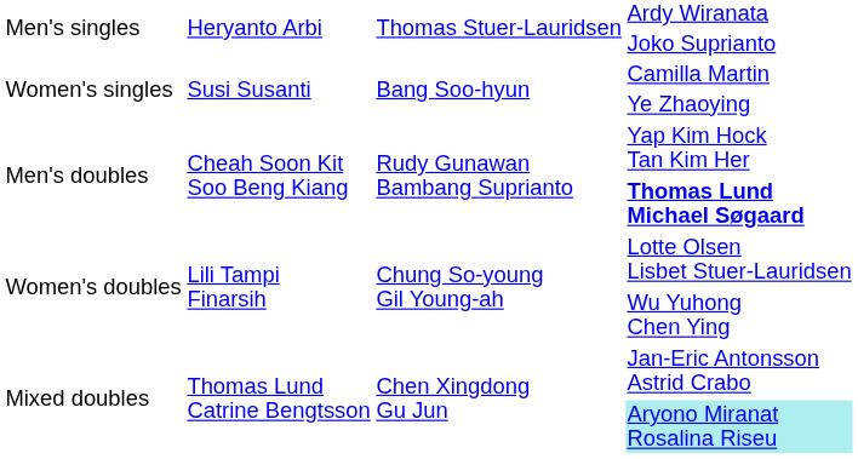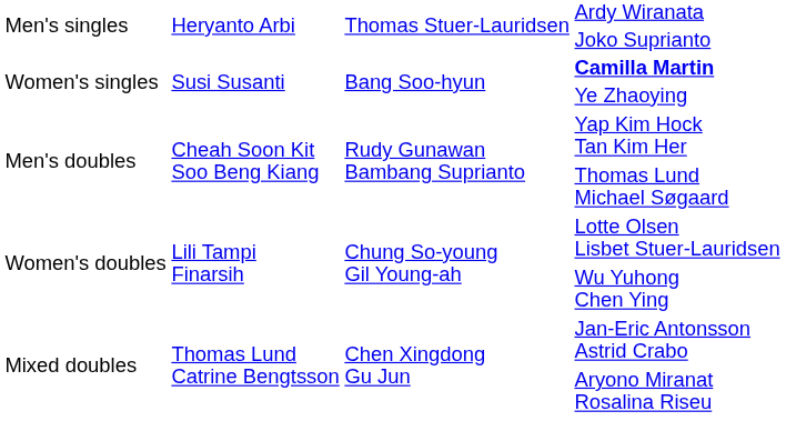 <table>
 <tr>
 <td rowspan=2>Men's singles</td>
 <td rowspan=2> <a href='#'>Heryanto Arbi</a></td>
 <td rowspan=2> <a href='#'>Thomas Stuer-Lauridsen</a></td>
 <td> <a href='#'>Ardy Wiranata</a></td>
 </tr>
 <tr>
 <td> <a href='#'>Joko Suprianto</a></td>
 </tr>
 <tr>
 <td rowspan=2>Women's singles</td>
 <td rowspan=2> <a href='#'>Susi Susanti</a></td>
 <td rowspan=2> <a href='#'>Bang Soo-hyun</a></td>
-<td> <a href='#'>Camilla Martin</a></td>
+<td><strong> <a href='#'>Camilla Martin</a></strong></td>
 </tr>
 <tr>
 <td> <a href='#'>Ye Zhaoying</a></td>
 </tr>
 <tr>
 <td rowspan=2>Men's doubles</td>
 <td rowspan=2> <a href='#'>Cheah Soon Kit</a> <br>  <a href='#'>Soo Beng Kiang</a></td>
 <td rowspan=2> <a href='#'>Rudy Gunawan</a> <br>  <a href='#'>Bambang Suprianto</a></td>
 <td> <a href='#'>Yap Kim Hock</a> <br>  <a href='#'>Tan Kim Her</a></td>
 </tr>
 <tr>
-<td><strong> <a href='#'>Thomas Lund</a> <br>  <a href='#'>Michael Søgaard</a></strong></td>
+<td> <a href='#'>Thomas Lund</a> <br>  <a href='#'>Michael Søgaard</a></td>
 </tr>
 <tr>
 <td rowspan=2>Women's doubles</td>
 <td rowspan=2> <a href='#'>Lili Tampi</a> <br>  <a href='#'>Finarsih</a></td>
 <td rowspan=2> <a href='#'>Chung So-young</a> <br>  <a href='#'>Gil Young-ah</a></td>
 <td> <a href='#'>Lotte Olsen</a> <br>  <a href='#'>Lisbet Stuer-Lauridsen</a></td>
 </tr>
 <tr>
 <td> <a href='#'>Wu Yuhong</a> <br>  <a href='#'>Chen Ying</a></td>
 </tr>
 <tr>
 <td rowspan=2>Mixed doubles</td>
 <td rowspan=2> <a href='#'>Thomas Lund</a><br>  <a href='#'>Catrine Bengtsson</a></td>
 <td rowspan=2> <a href='#'>Chen Xingdong</a> <br>  <a href='#'>Gu Jun</a></td>
 <td> <a href='#'>Jan-Eric Antonsson</a> <br>  <a href='#'>Astrid Crabo</a></td>
 </tr>
 <tr>
-<td style="background: paleturquoise;"> <a href='#'>Aryono Miranat</a> <br>  <a href='#'>Rosalina Riseu</a></td>
+<td> <a href='#'>Aryono Miranat</a> <br>  <a href='#'>Rosalina Riseu</a></td>
 </tr>
 </table>
